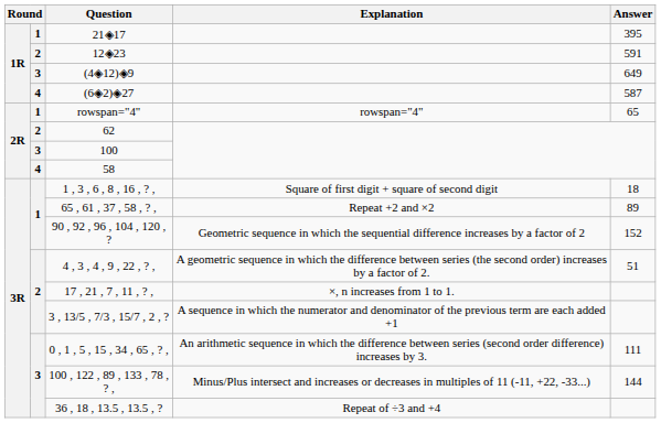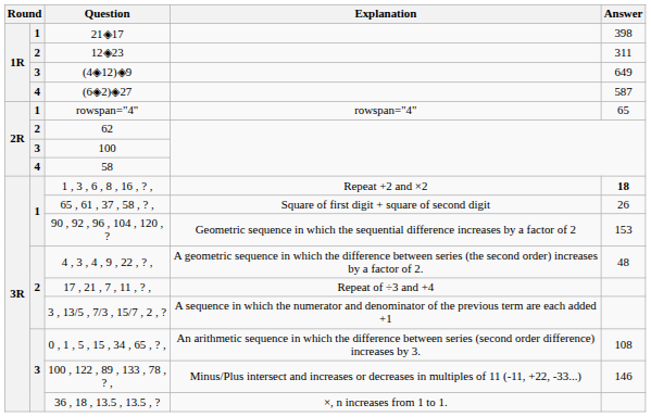 <table class="wikitable" style="text-align:center">
 <tr>
 <th scope="col" colspan="2">Round</th>
 <th scope="col">Question</th>
 <th scope="col">Explanation</th>
 <th scope="col">Answer</th>
 </tr>
 <tr>
 <th scope="row" rowspan="4">1R</th>
 <th scope="row">1</th>
 <td>21◈17</td>
 <td></td>
-<td>395</td>
+<td>398</td>
 </tr>
 <tr>
 <th scope="row">2</th>
 <td>12◈23</td>
 <td></td>
-<td>591</td>
+<td>311</td>
 </tr>
 <tr>
 <th scope="row">3</th>
 <td>(4◈12)◈9</td>
 <td></td>
 <td>649</td>
 </tr>
 <tr>
 <th scope="row">4</th>
 <td>(6◈2)◈27</td>
 <td></td>
 <td>587</td>
 </tr>
 <tr>
 <th scope="row" rowspan="4">2R</th>
 <th scope="row">1</th>
 <td>rowspan="4" </td>
 <td>rowspan="4" </td>
 <td>65</td>
 </tr>
 <tr>
 <th scope="row">2</th>
 <td>62</td>
 </tr>
 <tr>
 <th scope="row">3</th>
 <td>100</td>
 </tr>
 <tr>
 <th scope="row">4</th>
 <td>58</td>
 </tr>
 <tr>
 <th scope="row" rowspan="9">3R</th>
 <th scope="row" rowspan="3">1</th>
 <td>1 , 3 , 6 , 8 , 16 , ? ,</td>
-<td>Square of first digit + square of second digit</td>
-<td>18</td>
+<td>Repeat +2 and ×2</td>
+<td><strong>18</strong></td>
 </tr>
 <tr>
 <td>65 , 61 , 37 , 58 , ? ,</td>
-<td>Repeat +2 and ×2</td>
-<td>89</td>
+<td>Square of first digit + square of second digit</td>
+<td>26</td>
 </tr>
 <tr>
 <td>90 , 92 , 96 , 104 , 120 , ?</td>
 <td>Geometric sequence in which the sequential difference increases by a factor of 2</td>
-<td>152</td>
+<td>153</td>
 </tr>
 <tr>
 <th scope="row" rowspan="3">2</th>
 <td>4 , 3 , 4 , 9 , 22 , ? ,</td>
 <td>A geometric sequence in which the difference between series (the second order) increases by a factor of 2.</td>
-<td>51</td>
+<td>48</td>
 </tr>
 <tr>
 <td>17 , 21 , 7 , 11 , ? ,</td>
-<td>×, n increases from 1 to 1.</td>
+<td>Repeat of ÷3 and +4</td>
 <td></td>
 </tr>
 <tr>
 <td>3 , 13/5 , 7/3 , 15/7 , 2 , ?</td>
 <td>A sequence in which the numerator and denominator of the previous term are each added +1</td>
 <td></td>
 </tr>
 <tr>
 <th scope="row" rowspan="3">3</th>
 <td>0 , 1 , 5 , 15 , 34 , 65 , ? ,</td>
 <td>An arithmetic sequence in which the difference between series (second order difference) increases by 3.</td>
-<td>111</td>
+<td>108</td>
 </tr>
 <tr>
 <td>100 , 122 , 89 , 133 , 78 , ? ,</td>
 <td>Minus/Plus intersect and increases or decreases in multiples of 11 (-11, +22, -33...)</td>
-<td>144</td>
+<td>146</td>
 </tr>
 <tr>
 <td>36 , 18 , 13.5 , 13.5 , ?</td>
-<td>Repeat of ÷3 and +4</td>
+<td>×, n increases from 1 to 1.</td>
 <td></td>
 </tr>
 </table>
